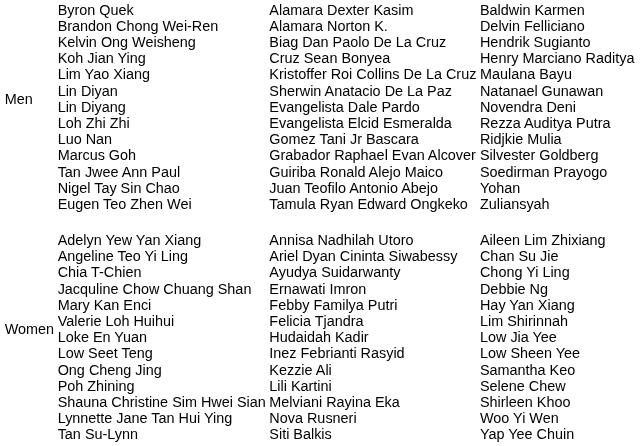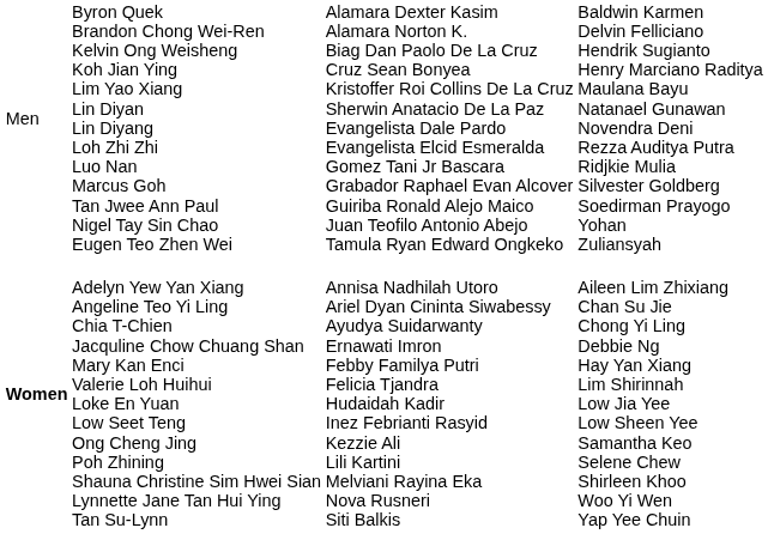 <table>
 <tr>
 <td>Men</td>
 <td nowrap><br>Byron Quek<br>Brandon Chong Wei-Ren<br>Kelvin Ong Weisheng<br>Koh Jian Ying<br>Lim Yao Xiang<br>Lin Diyan<br>Lin Diyang<br>Loh Zhi Zhi<br>Luo Nan<br>Marcus Goh<br>Tan Jwee Ann Paul<br>Nigel Tay Sin Chao<br>Eugen Teo Zhen Wei</td>
 <td nowrap><br>Alamara Dexter Kasim<br>Alamara Norton K.<br>Biag Dan Paolo De La Cruz<br>Cruz Sean Bonyea<br>Kristoffer Roi Collins De La Cruz<br>Sherwin Anatacio De La Paz<br>Evangelista Dale Pardo<br>Evangelista Elcid Esmeralda<br>Gomez Tani Jr Bascara<br>Grabador Raphael Evan Alcover<br>Guiriba Ronald Alejo Maico<br>Juan Teofilo Antonio Abejo<br>Tamula Ryan Edward Ongkeko</td>
 <td nowrap><br>Baldwin Karmen<br>Delvin Felliciano<br>Hendrik Sugianto<br>Henry Marciano Raditya<br>Maulana Bayu<br>Natanael Gunawan<br>Novendra Deni<br>Rezza Auditya Putra<br>Ridjkie Mulia<br>Silvester Goldberg<br>Soedirman Prayogo<br>Yohan<br>Zuliansyah</td>
 </tr>
 <tr>
-<td>Women</td>
+<td><strong>Women</strong></td>
 <td nowrap><br>Adelyn Yew Yan Xiang<br>Angeline Teo Yi Ling<br>Chia T-Chien<br>Jacquline Chow Chuang Shan<br>Mary Kan Enci<br>Valerie Loh Huihui<br>Loke En Yuan<br>Low Seet Teng<br>Ong Cheng Jing<br>Poh Zhining<br>Shauna Christine Sim Hwei Sian<br>Lynnette Jane Tan Hui Ying<br>Tan Su-Lynn</td>
 <td nowrap><br>Annisa Nadhilah Utoro<br>Ariel Dyan Cininta Siwabessy<br>Ayudya Suidarwanty<br>Ernawati Imron<br>Febby Familya Putri<br>Felicia Tjandra<br>Hudaidah Kadir<br>Inez Febrianti Rasyid<br>Kezzie Ali<br>Lili Kartini<br>Melviani Rayina Eka<br>Nova Rusneri<br>Siti Balkis</td>
 <td nowrap><br>Aileen Lim Zhixiang<br>Chan Su Jie<br>Chong Yi Ling<br>Debbie Ng<br>Hay Yan Xiang<br>Lim Shirinnah<br>Low Jia Yee<br>Low Sheen Yee<br>Samantha Keo<br>Selene Chew<br>Shirleen Khoo<br>Woo Yi Wen<br>Yap Yee Chuin</td>
 </tr>
 <tr>
 </tr>
 </table>
